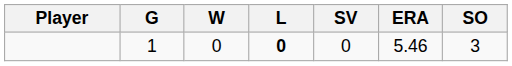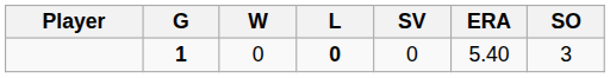 <table class="wikitable sortable">
 <tr>
 <th bgcolor="#DDDDFF" width="16%">Player</th>
 <th bgcolor="#DDDDFF" width="9%">G</th>
 <th bgcolor="#DDDDFF" width="9%">W</th>
 <th bgcolor="#DDDDFF" width="9%">L</th>
 <th bgcolor="#DDDDFF" width="9%">SV</th>
 <th bgcolor="#DDDDFF" width="9%">ERA</th>
 <th bgcolor="#DDDDFF" width="9%">SO</th>
 </tr>
 <tr align="center">
 <td></td>
-<td>1</td>
+<td><strong>1</strong></td>
 <td>0</td>
 <td><strong>0</strong></td>
 <td>0</td>
-<td>5.46</td>
+<td>5.40</td>
 <td>3</td>
 </tr>
 </table>
